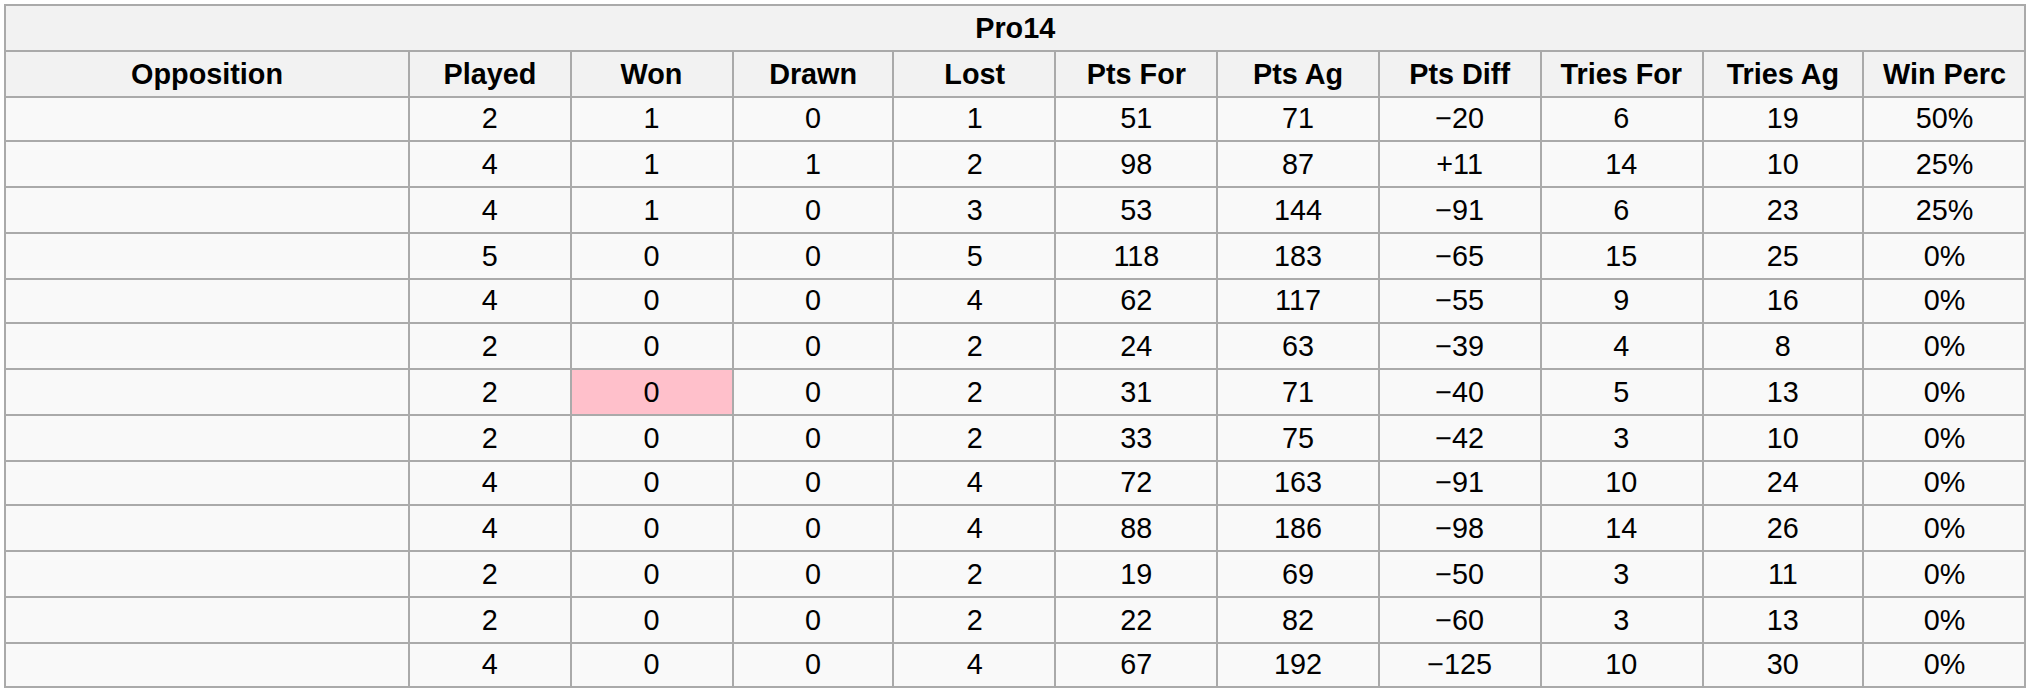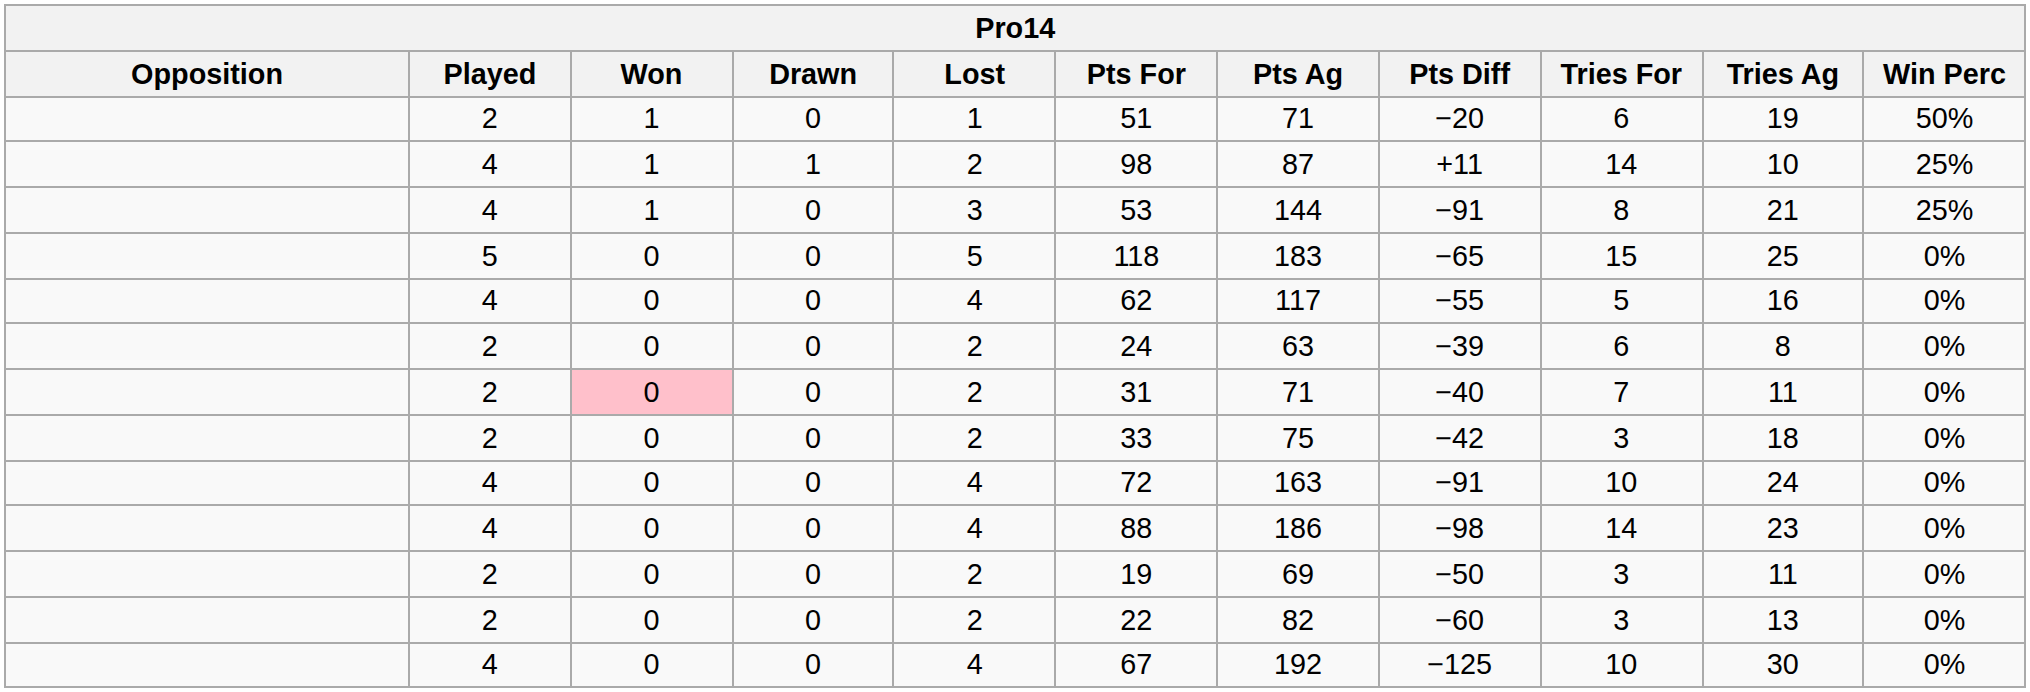 <table class="wikitable collapsible sortable" style="text-align:center; font-size:90%; width:80%;">
 <tr>
 <th colspan=11>Pro14</th>
 </tr>
 <tr>
 <th style="width:20%;">Opposition</th>
 <th style="width:8%;">Played</th>
 <th style="width:8%;">Won</th>
 <th style="width:8%;">Drawn</th>
 <th style="width:8%;">Lost</th>
 <th style="width:8%;">Pts For</th>
 <th style="width:8%;">Pts Ag</th>
 <th style="width:8%;">Pts Diff</th>
 <th style="width:8%;">Tries For</th>
 <th style="width:8%;">Tries Ag</th>
 <th style="width:8%;">Win Perc<br></th>
 </tr>
 <tr>
 <td style="text-align:left;"></td>
 <td>2</td>
 <td>1</td>
 <td>0</td>
 <td>1</td>
 <td>51</td>
 <td>71</td>
 <td>−20</td>
 <td>6</td>
 <td>19</td>
 <td>50%</td>
 </tr>
 <tr>
 <td style="text-align:left;"></td>
 <td>4</td>
 <td>1</td>
 <td>1</td>
 <td>2</td>
 <td>98</td>
 <td>87</td>
 <td>+11</td>
 <td>14</td>
 <td>10</td>
 <td>25%</td>
 </tr>
 <tr>
 <td style="text-align:left;"></td>
 <td>4</td>
 <td>1</td>
 <td>0</td>
 <td>3</td>
 <td>53</td>
 <td>144</td>
 <td>−91</td>
-<td>6</td>
-<td>23</td>
+<td>8</td>
+<td>21</td>
 <td>25%</td>
 </tr>
 <tr>
 <td style="text-align:left;"></td>
 <td>5</td>
 <td>0</td>
 <td>0</td>
 <td>5</td>
 <td>118</td>
 <td>183</td>
 <td>−65</td>
 <td>15</td>
 <td>25</td>
 <td>0%</td>
 </tr>
 <tr>
 <td style="text-align:left;"></td>
 <td>4</td>
 <td>0</td>
 <td>0</td>
 <td>4</td>
 <td>62</td>
 <td>117</td>
 <td>−55</td>
-<td>9</td>
+<td>5</td>
 <td>16</td>
 <td>0%</td>
 </tr>
 <tr>
 <td style="text-align:left;"></td>
 <td>2</td>
 <td>0</td>
 <td>0</td>
 <td>2</td>
 <td>24</td>
 <td>63</td>
 <td>−39</td>
-<td>4</td>
+<td>6</td>
 <td>8</td>
 <td>0%</td>
 </tr>
 <tr>
 <td style="text-align:left;"></td>
 <td>2</td>
 <td style="background: pink;">0</td>
 <td>0</td>
 <td>2</td>
 <td>31</td>
 <td>71</td>
 <td>−40</td>
-<td>5</td>
-<td>13</td>
+<td>7</td>
+<td>11</td>
 <td>0%</td>
 </tr>
 <tr>
 <td style="text-align:left;"></td>
 <td>2</td>
 <td>0</td>
 <td>0</td>
 <td>2</td>
 <td>33</td>
 <td>75</td>
 <td>−42</td>
 <td>3</td>
-<td>10</td>
+<td>18</td>
 <td>0%</td>
 </tr>
 <tr>
 <td style="text-align:left;"></td>
 <td>4</td>
 <td>0</td>
 <td>0</td>
 <td>4</td>
 <td>72</td>
 <td>163</td>
 <td>−91</td>
 <td>10</td>
 <td>24</td>
 <td>0%</td>
 </tr>
 <tr>
 <td style="text-align:left;"></td>
 <td>4</td>
 <td>0</td>
 <td>0</td>
 <td>4</td>
 <td>88</td>
 <td>186</td>
 <td>−98</td>
 <td>14</td>
-<td>26</td>
+<td>23</td>
 <td>0%</td>
 </tr>
 <tr>
 <td style="text-align:left;"></td>
 <td>2</td>
 <td>0</td>
 <td>0</td>
 <td>2</td>
 <td>19</td>
 <td>69</td>
 <td>−50</td>
 <td>3</td>
 <td>11</td>
 <td>0%</td>
 </tr>
 <tr>
 <td style="text-align:left;"></td>
 <td>2</td>
 <td>0</td>
 <td>0</td>
 <td>2</td>
 <td>22</td>
 <td>82</td>
 <td>−60</td>
 <td>3</td>
 <td>13</td>
 <td>0%</td>
 </tr>
 <tr>
 <td style="text-align:left;"></td>
 <td>4</td>
 <td>0</td>
 <td>0</td>
 <td>4</td>
 <td>67</td>
 <td>192</td>
 <td>−125</td>
 <td>10</td>
 <td>30</td>
 <td>0%</td>
 </tr>
 </table>
